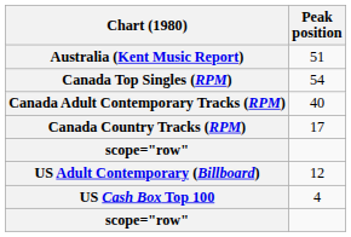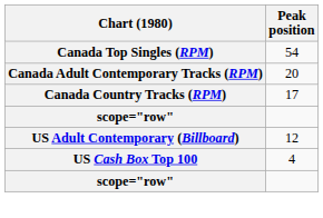 <table class="wikitable plainrowheaders sortable" style="text-align:center;">
 <tr>
 <th scope="col">Chart (1980)</th>
 <th scope="col">Peak<br>position</th>
-</tr>
-<tr>
-<th scope="row">Australia (<a href='#'>Kent Music Report</a>)</th>
-<td>51</td>
 </tr>
 <tr>
 <th scope="row">Canada Top Singles (<em><a href='#'>RPM</a></em>)</th>
 <td>54</td>
 </tr>
 <tr>
 <th scope="row">Canada Adult Contemporary Tracks (<em><a href='#'>RPM</a></em>)</th>
-<td>40</td>
+<td>20</td>
 </tr>
 <tr>
 <th scope="row">Canada Country Tracks (<em><a href='#'>RPM</a></em>)</th>
 <td>17</td>
 </tr>
 <tr>
 <th>scope="row" </th>
 </tr>
 <tr>
 <th scope="row">US <a href='#'>Adult Contemporary</a> (<em><a href='#'>Billboard</a></em>)</th>
 <td>12</td>
 </tr>
 <tr>
 <th scope="row">US <a href='#'><em>Cash Box</em> Top 100</a></th>
 <td>4</td>
 </tr>
 <tr>
 <th>scope="row" </th>
 </tr>
 </table>
